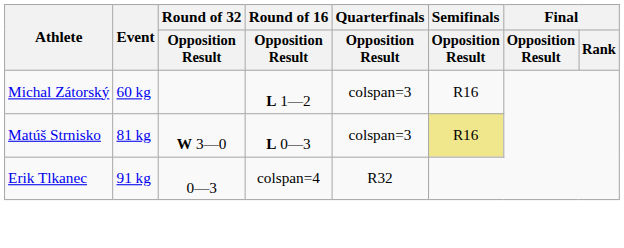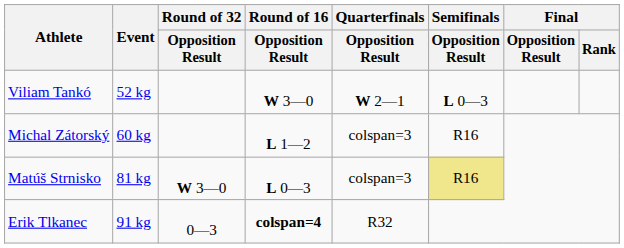 <table class="wikitable" style="font-size:90%">
 <tr>
 <th rowspan="2">Athlete</th>
 <th rowspan="2">Event</th>
 <th>Round of 32</th>
 <th>Round of 16</th>
 <th>Quarterfinals</th>
 <th>Semifinals</th>
 <th colspan=2>Final</th>
 </tr>
 <tr style="font-size:95%">
 <th>Opposition<br>Result</th>
 <th>Opposition<br>Result</th>
 <th>Opposition<br>Result</th>
 <th>Opposition<br>Result</th>
 <th>Opposition<br>Result</th>
 <th>Rank</th>
+</tr>
+<tr align=center>
+<td align=left><a href='#'>Viliam Tankó</a></td>
+<td align=left><a href='#'>52 kg</a></td>
+<td></td>
+<td> <br> <strong>W</strong> 3—0</td>
+<td> <br>  <strong>W</strong> 2—1</td>
+<td> <br>  <strong>L</strong> 0—3</td>
+<td></td>
+<td></td>
 </tr>
 <tr align=center>
 <td align=left><a href='#'>Michal Zátorský</a></td>
 <td align=left><a href='#'>60 kg</a></td>
 <td></td>
 <td> <br> <strong>L</strong> 1—2</td>
 <td>colspan=3 </td>
 <td>R16</td>
 </tr>
 <tr align=center>
 <td align=left><a href='#'>Matúš Strnisko</a></td>
 <td align=left><a href='#'>81 kg</a></td>
 <td> <br> <strong>W</strong> 3—0</td>
 <td> <br> <strong>L</strong> 0—3</td>
 <td>colspan=3 </td>
 <td style="background: khaki;">R16</td>
 </tr>
 <tr align=center>
 <td align=left><a href='#'>Erik Tlkanec</a></td>
 <td align=left><a href='#'>91 kg</a></td>
 <td> <br> 0—3</td>
-<td>colspan=4 </td>
+<td><strong>colspan=4 </strong></td>
 <td>R32</td>
 </tr>
 </table>
